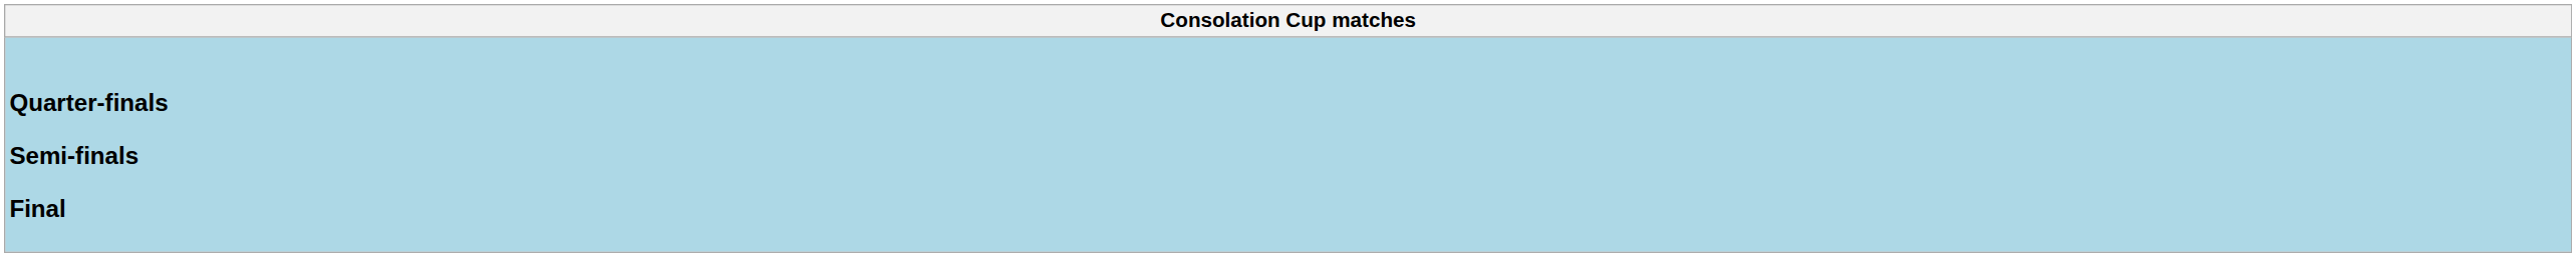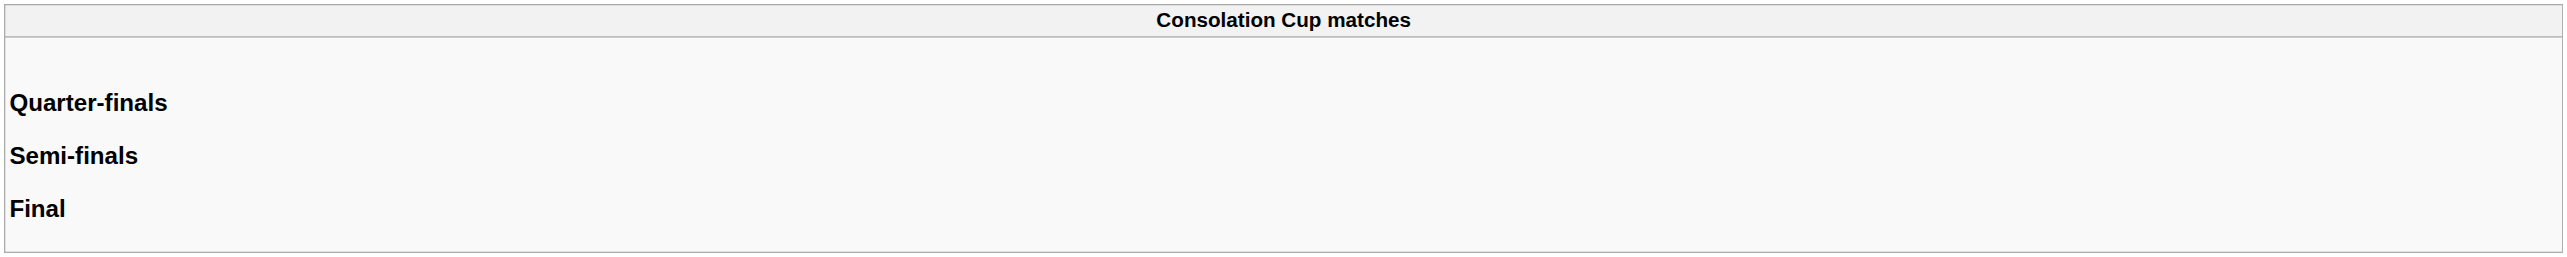 <table class="wikitable collapsible collapsed" style="width:100%">
 <tr>
 <th>Consolation Cup matches</th>
 </tr>
 <tr>
-<td style="background: lightblue;"><br><h3>Quarter-finals</h3>   <h3>Semi-finals</h3> <h3>Final</h3></td>
+<td><br><h3>Quarter-finals</h3>   <h3>Semi-finals</h3> <h3>Final</h3></td>
 </tr>
 </table>
